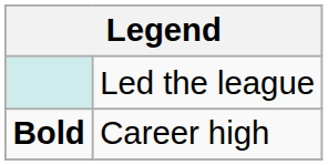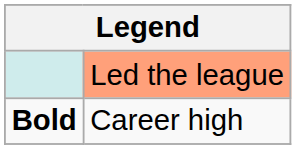 <table class="wikitable mw-collapsible">
 <tr>
 <th colspan="2">Legend</th>
 </tr>
 <tr>
 <td style="background:#cfecec;"></td>
-<td>Led the league</td>
+<td style="background: lightsalmon;">Led the league</td>
 </tr>
 <tr>
 <td><strong>Bold</strong></td>
 <td>Career high</td>
 </tr>
 </table>
